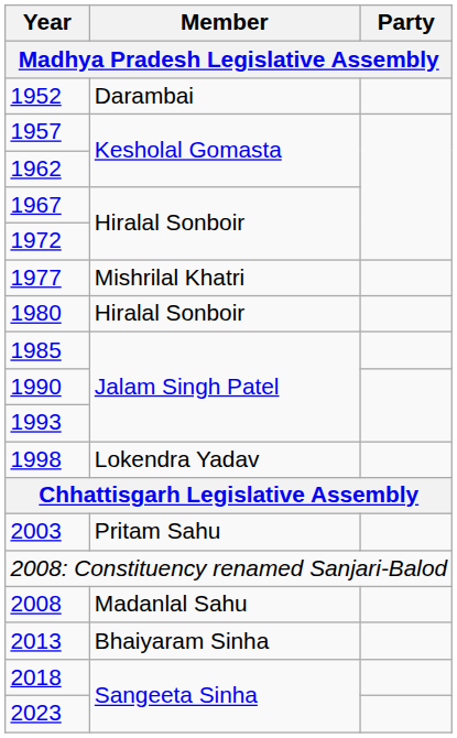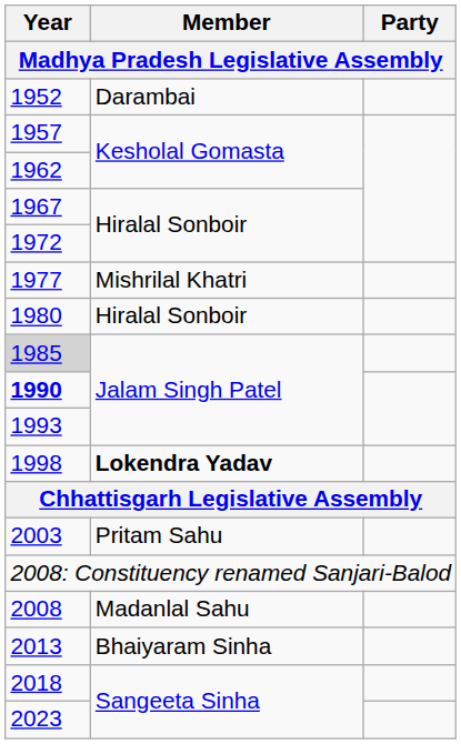 <table class="wikitable sortable">
 <tr>
 <th>Year</th>
 <th>Member</th>
 <th colspan="2">Party</th>
 </tr>
 <tr>
 <th colspan=4><a href='#'>Madhya Pradesh Legislative Assembly</a></th>
 </tr>
 <tr>
 <td rowspan="2"><a href='#'>1952</a></td>
 <td>Darambai</td>
 <td></td>
 </tr>
 <tr>
 <td rowspan="3"><a href='#'>Kesholal Gomasta</a></td>
 </tr>
 <tr>
 <td><a href='#'>1957</a></td>
 </tr>
 <tr>
 <td><a href='#'>1962</a></td>
 </tr>
 <tr>
 <td><a href='#'>1967</a></td>
 <td rowspan="2">Hiralal Sonboir</td>
 </tr>
 <tr>
 <td><a href='#'>1972</a></td>
 </tr>
 <tr>
 <td><a href='#'>1977</a></td>
 <td>Mishrilal Khatri</td>
 <td></td>
 </tr>
 <tr>
 <td><a href='#'>1980</a></td>
 <td>Hiralal Sonboir</td>
 <td></td>
 </tr>
 <tr>
-<td><a href='#'>1985</a></td>
+<td style="background: lightgrey;"><a href='#'>1985</a></td>
 <td rowspan="3"><a href='#'>Jalam Singh Patel</a></td>
 <td></td>
 </tr>
 <tr>
-<td><a href='#'>1990</a></td>
+<td><strong><a href='#'>1990</a></strong></td>
 </tr>
 <tr>
 <td><a href='#'>1993</a></td>
 </tr>
 <tr>
 <td><a href='#'>1998</a></td>
-<td>Lokendra Yadav</td>
+<td><strong>Lokendra Yadav</strong></td>
 <td></td>
 </tr>
 <tr>
 <th colspan=4><a href='#'>Chhattisgarh Legislative Assembly</a></th>
 </tr>
 <tr>
 <td><a href='#'>2003</a></td>
 <td>Pritam Sahu</td>
 <td></td>
 </tr>
 <tr>
 <td colspan="4"><em>2008: Constituency renamed Sanjari-Balod</em></td>
 </tr>
 <tr>
 <td><a href='#'>2008</a></td>
 <td>Madanlal Sahu</td>
 <td></td>
 </tr>
 <tr>
 <td><a href='#'>2013</a></td>
 <td>Bhaiyaram Sinha</td>
 <td></td>
 </tr>
 <tr>
 <td><a href='#'>2018</a></td>
 <td rowspan="2"><a href='#'>Sangeeta Sinha</a></td>
 <td></td>
 </tr>
 <tr>
 <td><a href='#'>2023</a></td>
 </tr>
 </table>
